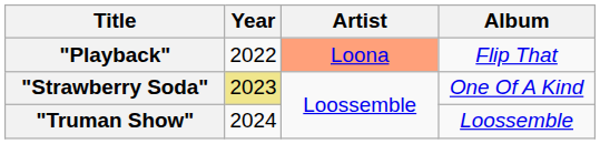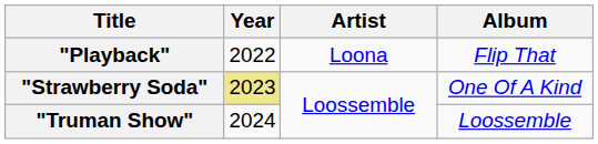 <table class="wikitable plainrowheaders" style="text-align:center">
 <tr>
 <th scope="col" style="width:10em">Title</th>
 <th scope="col" style="width:1em">Year</th>
 <th scope="col" style="width:7em">Artist</th>
 <th scope="col" style="width:7em">Album</th>
 </tr>
 <tr>
 <th scope="row">"Playback"</th>
 <td>2022</td>
-<td style="background: lightsalmon;"><a href='#'>Loona</a></td>
+<td><a href='#'>Loona</a></td>
 <td><em><a href='#'>Flip That</a></em></td>
 </tr>
 <tr>
 <th scope="row">"Strawberry Soda"</th>
 <td style="background: khaki;">2023</td>
 <td rowspan="2"><a href='#'>Loossemble</a></td>
 <td><em><a href='#'>One Of A Kind</a></em></td>
 </tr>
 <tr>
 <th scope="row">"Truman Show"</th>
 <td>2024</td>
 <td><em><a href='#'>Loossemble</a></em></td>
 </tr>
 </table>
